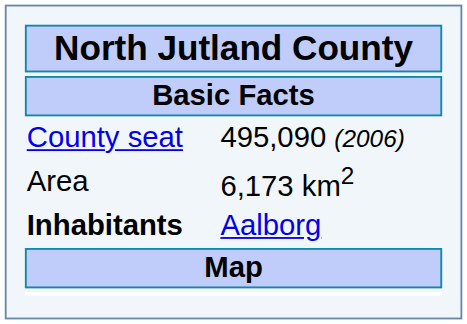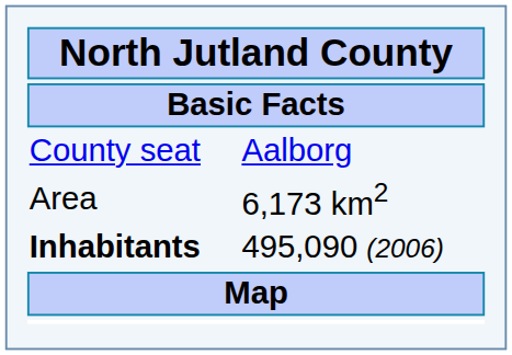 <table colspan="4" width=250 style="border: 1px solid #6688AA; background-color:#f0f6fa; margin:0.5em; padding:0.5em; float:right" valign="top" |>
 <tr>
 <td style="border: 1px solid #1188AA; background-color:#c0ccfa" align="center" colspan="2"><big><strong>North Jutland County</strong></big><br></td>
 </tr>
 <tr>
 <td style="border: 1px solid #1188AA; background-color:#c0ccfa" align="center" colspan="2"><strong>Basic Facts</strong></td>
 </tr>
 <tr>
 <td><a href='#'>County seat</a></td>
-<td>495,090 <small><em>(2006)</em></small></td>
+<td><a href='#'>Aalborg</a></td>
 </tr>
 <tr>
 <td>Area</td>
 <td>6,173 km<sup>2</sup></td>
 </tr>
 <tr>
 <td><strong>Inhabitants</strong></td>
-<td><a href='#'>Aalborg</a></td>
+<td>495,090 <small><em>(2006)</em></small></td>
 </tr>
 <tr>
 <td style="border: 1px solid #1188AA; background-color:#c0ccfa" align="center" colspan="2"><strong>Map</strong></td>
 </tr>
 <tr>
 <td bgcolor=#FFFFFF align="center" colspan="2"></td>
 </tr>
 <tr>
 </tr>
 </table>
